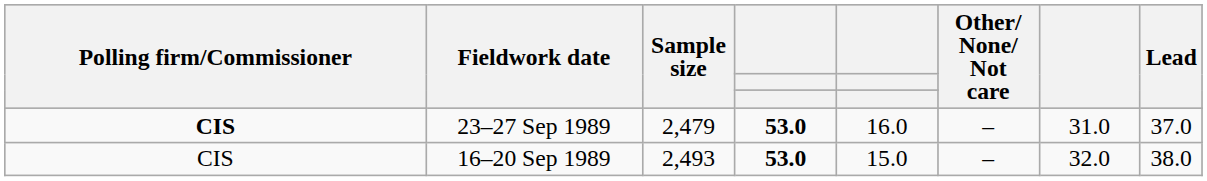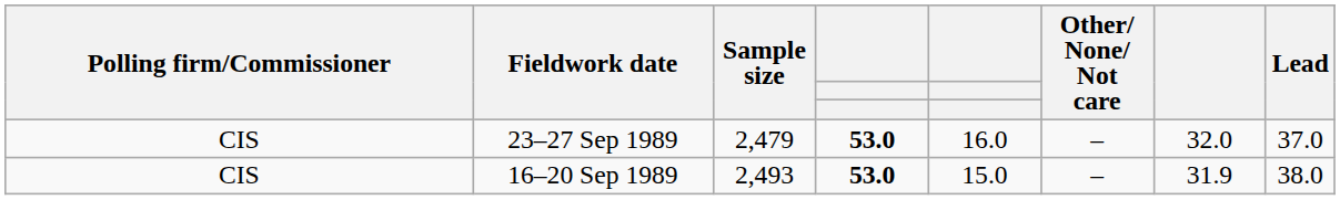 <table class="wikitable collapsible collapsed" style="text-align:center; font-size:90%; line-height:14px;">
 <tr style="height:42px;">
 <th style="width:250px;" rowspan="3">Polling firm/Commissioner</th>
 <th style="width:125px;" rowspan="3">Fieldwork date</th>
 <th style="width:50px;" rowspan="3">Sample size</th>
 <th style="width:55px;"></th>
 <th style="width:55px;"></th>
 <th style="width:55px;" rowspan="3">Other/<br>None/<br>Not<br>care</th>
 <th style="width:55px;" rowspan="3"></th>
 <th style="width:30px;" rowspan="3">Lead</th>
 </tr>
 <tr>
 <th style="color:inherit;background:"></th>
 <th style="color:inherit;background:"></th>
 </tr>
 <tr>
 <th></th>
 <th></th>
 </tr>
 <tr>
-<td><strong>CIS</strong></td>
+<td>CIS</td>
 <td>23–27 Sep 1989</td>
 <td>2,479</td>
 <td><strong>53.0</strong></td>
 <td>16.0</td>
 <td>–</td>
-<td>31.0</td>
+<td>32.0</td>
 <td style="background:">37.0</td>
 </tr>
 <tr>
 <td>CIS</td>
 <td>16–20 Sep 1989</td>
 <td>2,493</td>
 <td><strong>53.0</strong></td>
 <td>15.0</td>
 <td>–</td>
-<td>32.0</td>
+<td>31.9</td>
 <td style="background:">38.0</td>
 </tr>
 </table>
